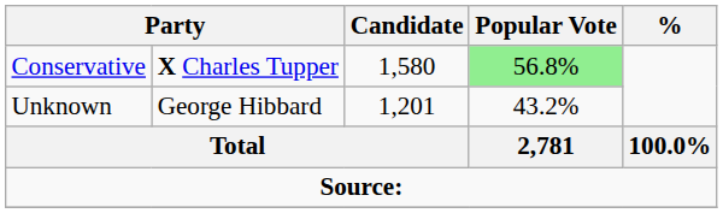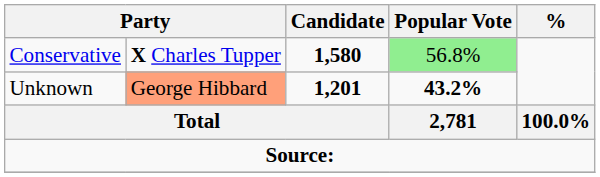 <table class="wikitable">
 <tr>
 <th colspan="2">Party</th>
 <th>Candidate</th>
 <th>Popular Vote</th>
 <th>%</th>
 </tr>
 <tr>
 <td><a href='#'>Conservative</a></td>
 <td> <strong>X</strong> <a href='#'>Charles Tupper</a></td>
-<td align=center>1,580</td>
+<td align=center><strong>1,580</strong></td>
 <td align=center style="background: lightgreen;">56.8%</td>
 </tr>
 <tr>
 <td>Unknown</td>
-<td>George Hibbard</td>
-<td align=center>1,201</td>
-<td align=center>43.2%</td>
+<td style="background: lightsalmon;">George Hibbard</td>
+<td align=center><strong>1,201</strong></td>
+<td align=center><strong>43.2%</strong></td>
 </tr>
 <tr>
 <th colspan=3 align=center>Total</th>
 <th align=right>2,781</th>
 <th align=right>100.0%</th>
 </tr>
 <tr>
 <td align="center" colspan=5><strong>Source:</strong> </td>
 </tr>
 <tr>
 </tr>
 </table>
